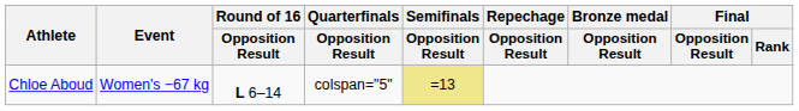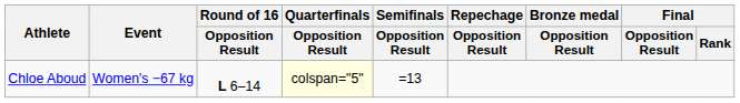 <table class="wikitable" style="font-size:90%;">
 <tr>
 <th rowspan=2>Athlete</th>
 <th rowspan=2>Event</th>
 <th>Round of 16</th>
 <th>Quarterfinals</th>
 <th>Semifinals</th>
 <th>Repechage</th>
 <th>Bronze medal</th>
 <th colspan=2>Final</th>
 </tr>
 <tr style="font-size:95%">
 <th>Opposition<br>Result</th>
 <th>Opposition<br>Result</th>
 <th>Opposition<br>Result</th>
 <th>Opposition<br>Result</th>
 <th>Opposition<br>Result</th>
 <th>Opposition<br>Result</th>
 <th>Rank</th>
 </tr>
 <tr align=center>
 <td align=left><a href='#'>Chloe Aboud</a></td>
 <td align=left><a href='#'>Women's −67 kg</a></td>
 <td><br><strong>L</strong> 6–14</td>
-<td>colspan="5" </td>
-<td style="background: khaki;">=13</td>
+<td style="background: lightyellow;">colspan="5" </td>
+<td>=13</td>
 </tr>
 </table>
